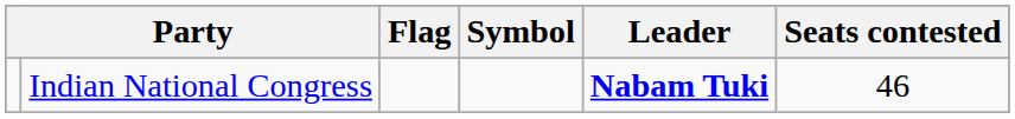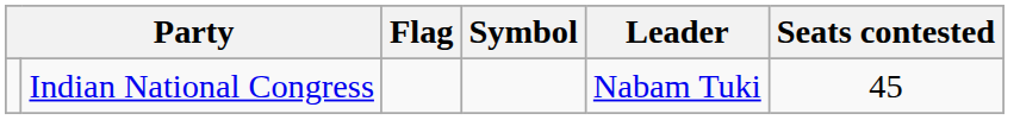 <table class="wikitable" style="text-align:center;">
 <tr>
 <th colspan="2">Party</th>
 <th>Flag</th>
 <th>Symbol</th>
 <th>Leader</th>
 <th>Seats contested</th>
 </tr>
 <tr>
 <td></td>
 <td><a href='#'>Indian National Congress</a></td>
 <td></td>
 <td></td>
-<td><strong><a href='#'>Nabam Tuki</a></strong></td>
-<td>46</td>
+<td><a href='#'>Nabam Tuki</a></td>
+<td>45</td>
 </tr>
 </table>
